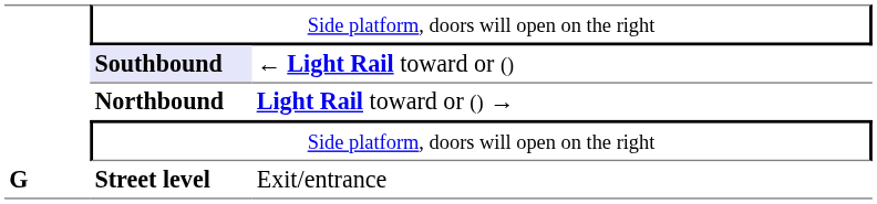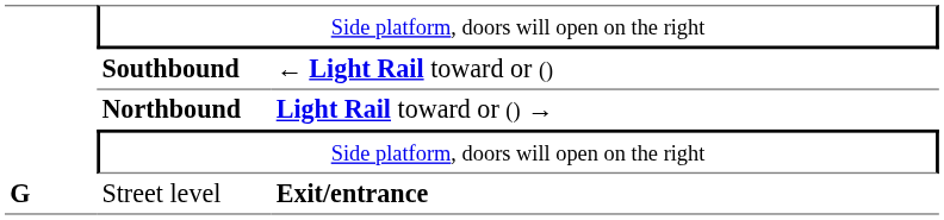 <table table border=0 cellspacing=0 cellpadding=3>
 <tr>
 <td style="border-top:solid 1px gray;border-bottom:solid 1px gray;" rowspan=6 valign=bottom width=50><strong>G</strong></td>
 </tr>
 <tr>
 <td style="border-bottom:solid 2px black;border-right:solid 2px black;border-left:solid 2px black;border-top:solid 1px gray;text-align:center;" colspan=2><small><a href='#'>Side platform</a>, doors will open on the right</small></td>
 </tr>
 <tr>
-<td style="background: lavender;"><span><strong>Southbound</strong></span></td>
+<td><span><strong>Southbound</strong></span></td>
 <td>← <a href='#'><span><strong>Light Rail</strong></span></a> toward  or  <small>()</small></td>
 </tr>
 <tr>
 <td style="border-top:solid 1px gray;"><span><strong>Northbound</strong></span></td>
 <td style="border-top:solid 1px gray;"> <a href='#'><span><strong>Light Rail</strong></span></a> toward  or  <small>()</small> →</td>
 </tr>
 <tr>
 <td style="border-bottom:solid 1px gray;border-right:solid 2px black;border-left:solid 2px black;border-top:solid 2px black;text-align:center;" colspan=2><small><a href='#'>Side platform</a>, doors will open on the right</small></td>
 </tr>
 <tr>
-<td style="border-bottom:solid 1px gray;" width=100><strong>Street level</strong></td>
-<td style="border-bottom:solid 1px gray;" width=400>Exit/entrance</td>
+<td style="border-bottom:solid 1px gray;" width=100>Street level</td>
+<td style="border-bottom:solid 1px gray;" width=400><strong>Exit/entrance</strong></td>
 </tr>
 </table>
